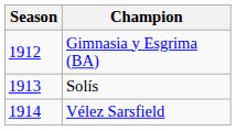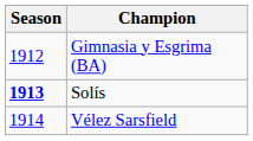 <table class="wikitable sortable">
 <tr>
 <th width=50px>Season</th>
 <th width=160px>Champion</th>
 </tr>
 <tr>
 <td><a href='#'>1912</a></td>
 <td><a href='#'>Gimnasia y Esgrima (BA)</a> </td>
 </tr>
 <tr>
-<td><a href='#'>1913</a></td>
+<td><strong><a href='#'>1913</a></strong></td>
 <td>Solís</td>
 </tr>
 <tr>
 <td><a href='#'>1914</a></td>
 <td><a href='#'>Vélez Sarsfield</a></td>
 </tr>
 </table>
